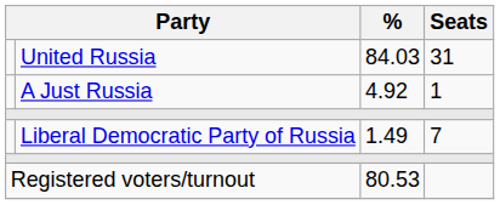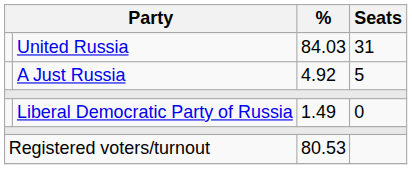 <table class="wikitable">
 <tr>
 <th colspan=2>Party</th>
 <th>%</th>
 <th>Seats</th>
 </tr>
 <tr>
 <td style="background:"></td>
 <td><a href='#'>United Russia</a></td>
 <td>84.03</td>
 <td>31</td>
 </tr>
 <tr>
 <td style="background:"></td>
 <td><a href='#'>A Just Russia</a></td>
 <td>4.92</td>
-<td>1</td>
+<td>5</td>
 </tr>
 <tr>
 <td colspan=4 style="background:#E9E9E9;"></td>
 </tr>
 <tr>
 <td style="background:"></td>
 <td><a href='#'>Liberal Democratic Party of Russia</a></td>
 <td>1.49</td>
-<td>7</td>
+<td>0</td>
 </tr>
 <tr>
 <td colspan=4 style="background:#E9E9E9;"></td>
 </tr>
 <tr>
 <td align=left colspan=2>Registered voters/turnout</td>
 <td>80.53</td>
 <td></td>
 </tr>
 <tr>
 </tr>
 </table>
